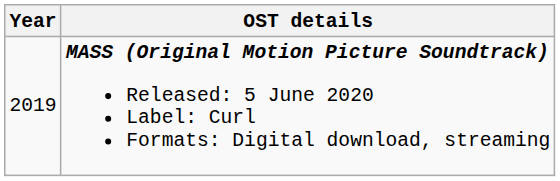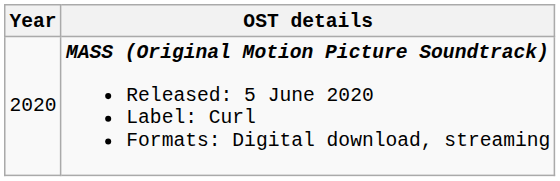 <table class="wikitable" style="text-align:center;">
 <tr>
 <th>Year</th>
 <th>OST details</th>
 </tr>
 <tr>
-<td rowspan="1">2019</td>
+<td rowspan="1">2020</td>
 <td align="left"><strong><em>MASS (Original Motion Picture Soundtrack)</em></strong><br><ul><li>Released: 5 June 2020</li><li>Label: Curl</li><li>Formats: Digital download, streaming</li></ul></td>
 </tr>
 </table>
